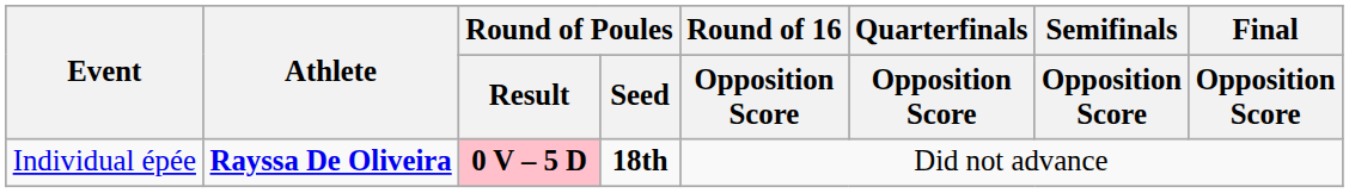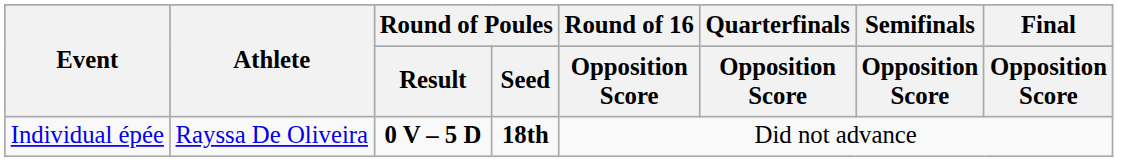 <table class="wikitable" border="1" style="font-size:90%">
 <tr>
 <th rowspan=2>Event</th>
 <th rowspan=2>Athlete</th>
 <th colspan=2>Round of Poules</th>
 <th>Round of 16</th>
 <th>Quarterfinals</th>
 <th>Semifinals</th>
 <th>Final</th>
 </tr>
 <tr>
 <th>Result</th>
 <th>Seed</th>
 <th>Opposition<br>Score</th>
 <th>Opposition<br>Score</th>
 <th>Opposition<br>Score</th>
 <th>Opposition<br>Score</th>
 </tr>
 <tr>
 <td><a href='#'>Individual épée</a></td>
-<td><strong><a href='#'>Rayssa De Oliveira</a></strong></td>
-<td align=center style="background: pink;"><strong>0 V – 5 D</strong></td>
+<td><a href='#'>Rayssa De Oliveira</a></td>
+<td align=center><strong>0 V – 5 D</strong></td>
 <td align=center><strong>18th</strong></td>
 <td align=center colspan=4>Did not advance</td>
 </tr>
 </table>
